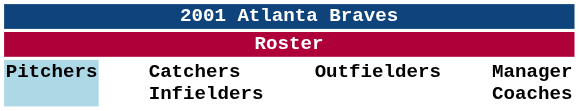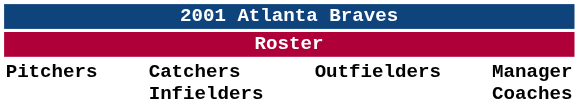 <table class="toccolours" style="font-size: 95%;">
 <tr>
 <th colspan="10" style="background-color: #0f437c; color: white; text-align: center;">2001 Atlanta Braves</th>
 </tr>
 <tr>
 <td colspan="10" style="background-color: #af0039; color: white; text-align: center;"><strong>Roster</strong></td>
 </tr>
 <tr>
-<td valign="top" style="background: lightblue;"><strong>Pitchers</strong><br>                      </td>
+<td valign="top"><strong>Pitchers</strong><br>                      </td>
 <td width="25px"></td>
 <td valign="top"><strong>Catchers</strong><br>    <strong>Infielders</strong>              </td>
 <td width="25px"></td>
 <td valign="top"><strong>Outfielders</strong><br>     </td>
 <td width="25px"></td>
 <td valign="top"><strong>Manager</strong><br> <strong>Coaches</strong>      </td>
 </tr>
 </table>
